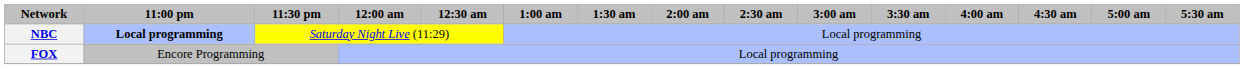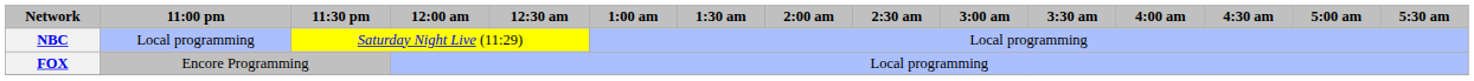 <table class="wikitable" style="width:100%;margin-right:0;text-align:center">
 <tr>
 <th style="background-color:#C0C0C0;text-align:center">Network</th>
 <th style="background-color:#C0C0C0;text-align:center">11:00 pm</th>
 <th style="background-color:#C0C0C0;text-align:center">11:30 pm</th>
 <th style="background-color:#C0C0C0;text-align:center">12:00 am</th>
 <th style="background-color:#C0C0C0;text-align:center">12:30 am</th>
 <th style="background-color:#C0C0C0;text-align:center">1:00 am</th>
 <th style="background-color:#C0C0C0;text-align:center">1:30 am</th>
 <th style="background-color:#C0C0C0;text-align:center">2:00 am</th>
 <th style="background-color:#C0C0C0;text-align:center">2:30 am</th>
 <th style="background-color:#C0C0C0;text-align:center">3:00 am</th>
 <th style="background-color:#C0C0C0;text-align:center">3:30 am</th>
 <th style="background-color:#C0C0C0;text-align:center">4:00 am</th>
 <th style="background-color:#C0C0C0;text-align:center">4:30 am</th>
 <th style="background-color:#C0C0C0;text-align:center">5:00 am</th>
 <th style="background-color:#C0C0C0;text-align:center">5:30 am</th>
 </tr>
 <tr>
 <th><a href='#'>NBC</a></th>
-<td style="background:#abbfff"><strong>Local programming</strong></td>
+<td style="background:#abbfff">Local programming</td>
 <td colspan="3" style="background:yellow"><em><a href='#'>Saturday Night Live</a></em> (11:29)</td>
 <td colspan="10" style="background:#abbfff">Local programming </td>
 </tr>
 <tr>
 <th><a href='#'>FOX</a></th>
 <td colspan="2" bgcolor="#C0C0C0">Encore Programming</td>
 <td colspan="12" style="background:#abbfff">Local programming</td>
 </tr>
 <tr>
 </tr>
 </table>
